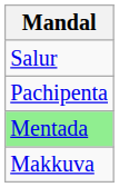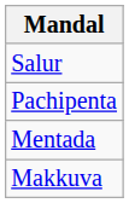 <table class="wikitable sortable static-row-numbers static-row-header-hash">
 <tr>
 <th>Mandal</th>
 </tr>
 <tr>
 <td><a href='#'>Salur</a></td>
 </tr>
 <tr>
 <td><a href='#'>Pachipenta</a></td>
 </tr>
 <tr>
-<td style="background: lightgreen;"><a href='#'>Mentada</a></td>
+<td><a href='#'>Mentada</a></td>
 </tr>
 <tr>
 <td><a href='#'>Makkuva</a></td>
 </tr>
 </table>
